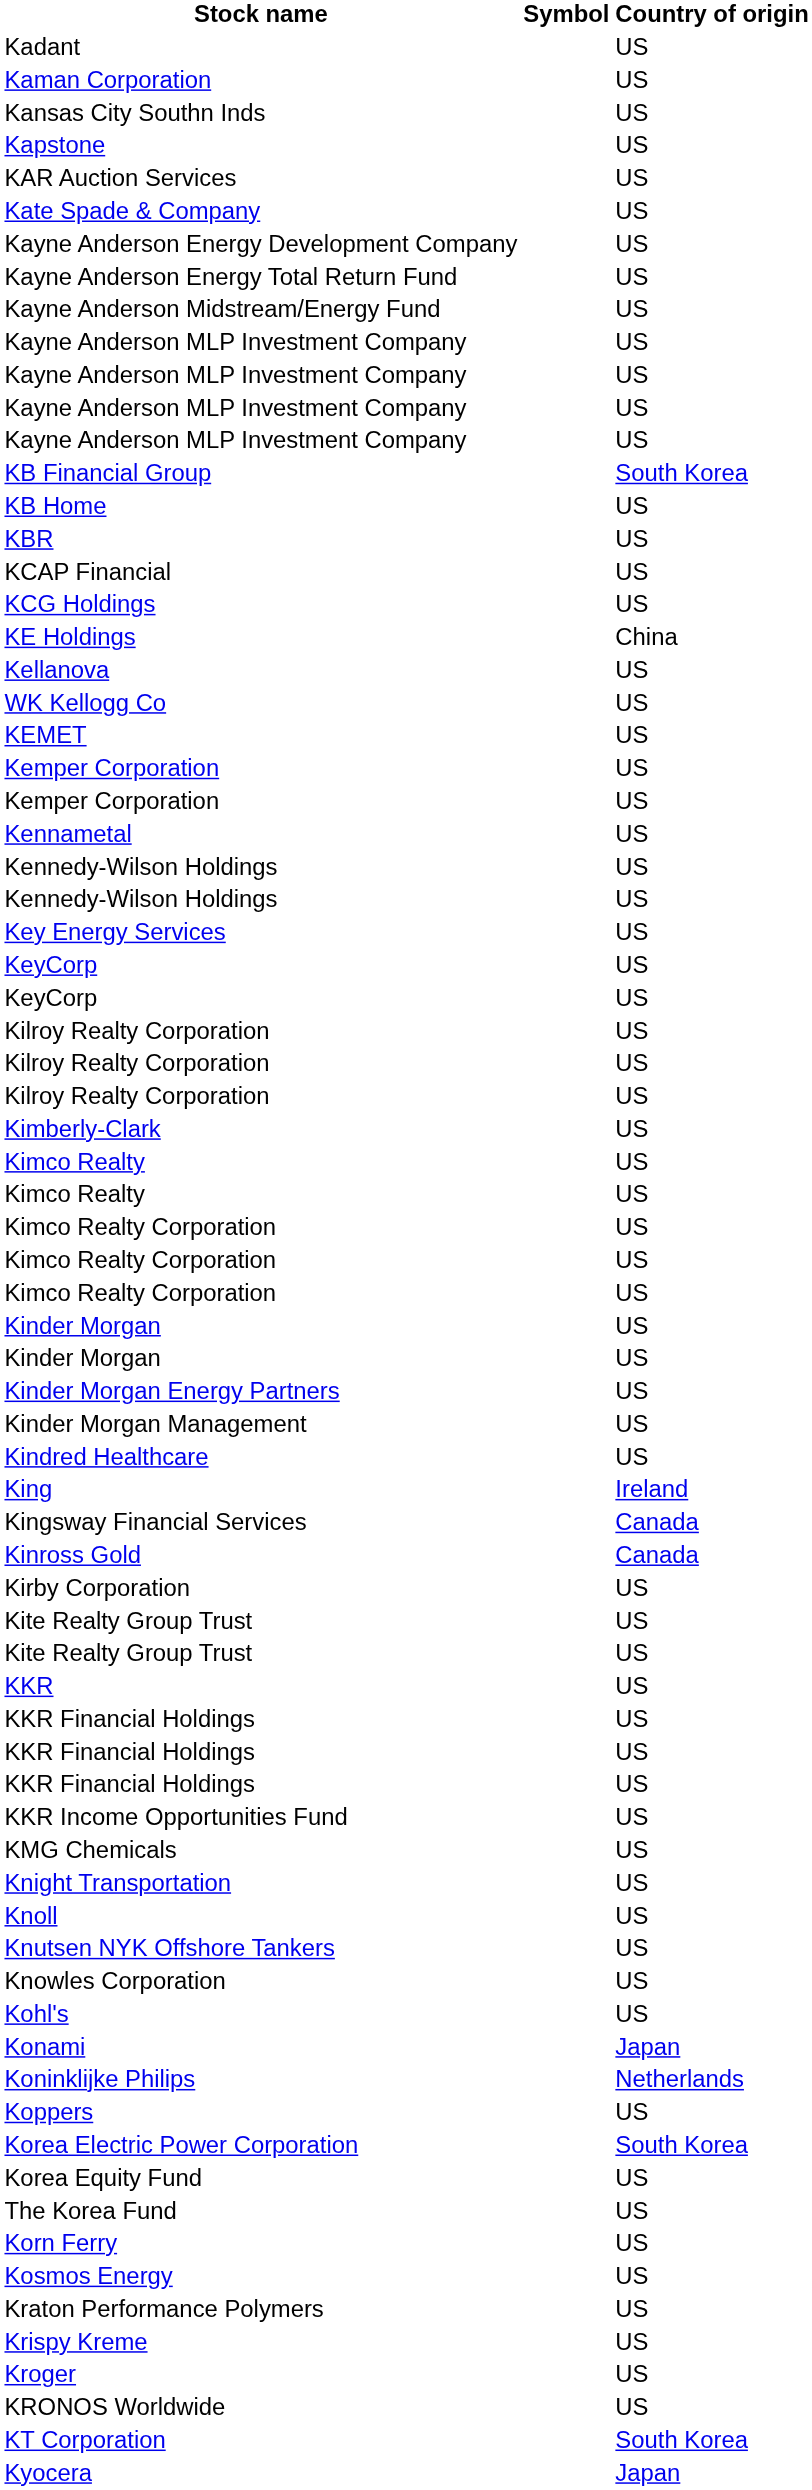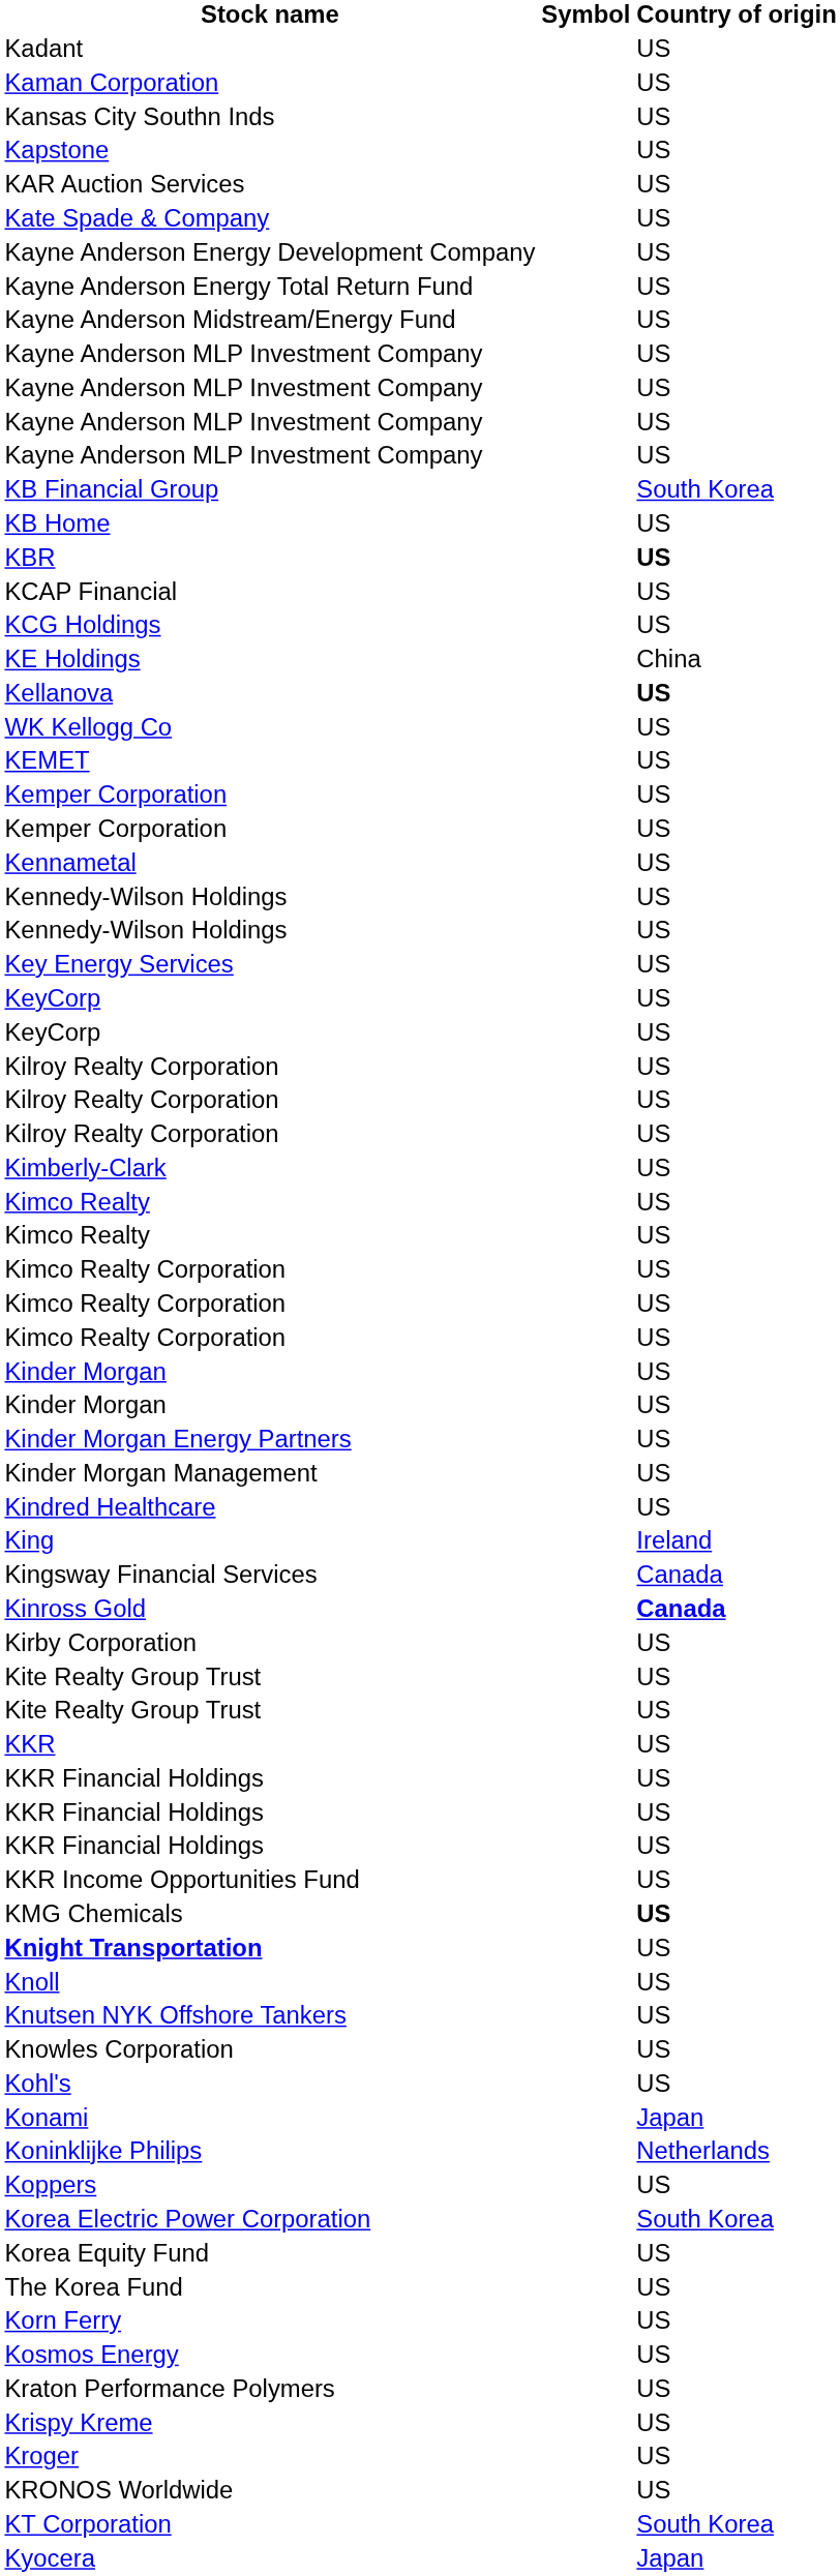 <table style="background:transparent;">
 <tr>
 <th>Stock name</th>
 <th>Symbol</th>
 <th>Country of origin</th>
 </tr>
 <tr --->
 <td>Kadant</td>
 <td></td>
 <td>US</td>
 </tr>
 <tr --->
 <td><a href='#'>Kaman Corporation</a></td>
 <td></td>
 <td>US</td>
 </tr>
 <tr --->
 <td>Kansas City Southn Inds</td>
 <td></td>
 <td>US</td>
 </tr>
 <tr --->
 <td><a href='#'>Kapstone</a></td>
 <td></td>
 <td>US</td>
 </tr>
 <tr --->
 <td>KAR Auction Services</td>
 <td></td>
 <td>US</td>
 </tr>
 <tr --->
 <td><a href='#'>Kate Spade & Company</a></td>
 <td></td>
 <td>US</td>
 </tr>
 <tr --->
 <td>Kayne Anderson Energy Development Company</td>
 <td></td>
 <td>US</td>
 </tr>
 <tr --->
 <td>Kayne Anderson Energy Total Return Fund</td>
 <td></td>
 <td>US</td>
 </tr>
 <tr --->
 <td>Kayne Anderson Midstream/Energy Fund</td>
 <td></td>
 <td>US</td>
 </tr>
 <tr --->
 <td>Kayne Anderson MLP Investment Company</td>
 <td></td>
 <td>US</td>
 </tr>
 <tr --->
 <td>Kayne Anderson MLP Investment Company</td>
 <td></td>
 <td>US</td>
 </tr>
 <tr --->
 <td>Kayne Anderson MLP Investment Company</td>
 <td></td>
 <td>US</td>
 </tr>
 <tr --->
 <td>Kayne Anderson MLP Investment Company</td>
 <td></td>
 <td>US</td>
 </tr>
 <tr --->
 <td><a href='#'>KB Financial Group</a></td>
 <td></td>
 <td><a href='#'>South Korea</a></td>
 </tr>
 <tr --->
 <td><a href='#'>KB Home</a></td>
 <td></td>
 <td>US</td>
 </tr>
 <tr --->
 <td><a href='#'>KBR</a></td>
 <td></td>
-<td>US</td>
+<td><strong>US</strong></td>
 </tr>
 <tr --->
 <td>KCAP Financial</td>
 <td></td>
 <td>US</td>
 </tr>
 <tr --->
 <td><a href='#'>KCG Holdings</a></td>
 <td></td>
 <td>US</td>
 </tr>
 <tr --->
 <td><a href='#'>KE Holdings</a></td>
 <td></td>
 <td>China</td>
 </tr>
 <tr --->
 <td><a href='#'>Kellanova</a></td>
 <td></td>
-<td>US</td>
+<td><strong>US</strong></td>
 </tr>
 <tr --->
 <td><a href='#'>WK Kellogg Co</a></td>
 <td></td>
 <td>US</td>
 </tr>
 <tr --->
 <td><a href='#'>KEMET</a></td>
 <td></td>
 <td>US</td>
 </tr>
 <tr --->
 <td><a href='#'>Kemper Corporation</a></td>
 <td></td>
 <td>US</td>
 </tr>
 <tr --->
 <td>Kemper Corporation</td>
 <td></td>
 <td>US</td>
 </tr>
 <tr --->
 <td><a href='#'>Kennametal</a></td>
 <td></td>
 <td>US</td>
 </tr>
 <tr --->
 <td>Kennedy-Wilson Holdings</td>
 <td></td>
 <td>US</td>
 </tr>
 <tr --->
 <td>Kennedy-Wilson Holdings</td>
 <td></td>
 <td>US</td>
 </tr>
 <tr --->
 <td><a href='#'>Key Energy Services</a></td>
 <td></td>
 <td>US</td>
 </tr>
 <tr --->
 <td><a href='#'>KeyCorp</a></td>
 <td></td>
 <td>US</td>
 </tr>
 <tr --->
 <td>KeyCorp</td>
 <td></td>
 <td>US</td>
 </tr>
 <tr --->
 <td>Kilroy Realty Corporation</td>
 <td></td>
 <td>US</td>
 </tr>
 <tr --->
 <td>Kilroy Realty Corporation</td>
 <td></td>
 <td>US</td>
 </tr>
 <tr --->
 <td>Kilroy Realty Corporation</td>
 <td></td>
 <td>US</td>
 </tr>
 <tr --->
 <td><a href='#'>Kimberly-Clark</a></td>
 <td></td>
 <td>US</td>
 </tr>
 <tr --->
 <td><a href='#'>Kimco Realty</a></td>
 <td></td>
 <td>US</td>
 </tr>
 <tr --->
 <td>Kimco Realty</td>
 <td></td>
 <td>US</td>
 </tr>
 <tr --->
 <td>Kimco Realty Corporation</td>
 <td></td>
 <td>US</td>
 </tr>
 <tr --->
 <td>Kimco Realty Corporation</td>
 <td></td>
 <td>US</td>
 </tr>
 <tr --->
 <td>Kimco Realty Corporation</td>
 <td></td>
 <td>US</td>
 </tr>
 <tr --->
 <td><a href='#'>Kinder Morgan</a></td>
 <td></td>
 <td>US</td>
 </tr>
 <tr --->
 <td>Kinder Morgan</td>
 <td></td>
 <td>US</td>
 </tr>
 <tr --->
 <td><a href='#'>Kinder Morgan Energy Partners</a></td>
 <td></td>
 <td>US</td>
 </tr>
 <tr --->
 <td>Kinder Morgan Management</td>
 <td></td>
 <td>US</td>
 </tr>
 <tr --->
 <td><a href='#'>Kindred Healthcare</a></td>
 <td></td>
 <td>US</td>
 </tr>
 <tr --->
 <td><a href='#'>King</a></td>
 <td></td>
 <td><a href='#'>Ireland</a></td>
 </tr>
 <tr --->
 <td>Kingsway Financial Services</td>
 <td></td>
 <td><a href='#'>Canada</a></td>
 </tr>
 <tr --->
 <td><a href='#'>Kinross Gold</a></td>
 <td></td>
-<td><a href='#'>Canada</a></td>
+<td><strong><a href='#'>Canada</a></strong></td>
 </tr>
 <tr --->
 <td>Kirby Corporation</td>
 <td></td>
 <td>US</td>
 </tr>
 <tr --->
 <td>Kite Realty Group Trust</td>
 <td></td>
 <td>US</td>
 </tr>
 <tr --->
 <td>Kite Realty Group Trust</td>
 <td></td>
 <td>US</td>
 </tr>
 <tr --->
 <td><a href='#'>KKR</a></td>
 <td></td>
 <td>US</td>
 </tr>
 <tr --->
 <td>KKR Financial Holdings</td>
 <td></td>
 <td>US</td>
 </tr>
 <tr --->
 <td>KKR Financial Holdings</td>
 <td></td>
 <td>US</td>
 </tr>
 <tr --->
 <td>KKR Financial Holdings</td>
 <td></td>
 <td>US</td>
 </tr>
 <tr --->
 <td>KKR Income Opportunities Fund</td>
 <td></td>
 <td>US</td>
 </tr>
 <tr --->
 <td>KMG Chemicals</td>
 <td></td>
-<td>US</td>
+<td><strong>US</strong></td>
 </tr>
 <tr --->
-<td><a href='#'>Knight Transportation</a></td>
+<td><strong><a href='#'>Knight Transportation</a></strong></td>
 <td></td>
 <td>US</td>
 </tr>
 <tr --->
 <td><a href='#'>Knoll</a></td>
 <td></td>
 <td>US</td>
 </tr>
 <tr --->
 <td><a href='#'>Knutsen NYK Offshore Tankers</a></td>
 <td></td>
 <td>US</td>
 </tr>
 <tr --->
 <td>Knowles Corporation</td>
 <td></td>
 <td>US</td>
 </tr>
 <tr --->
 <td><a href='#'>Kohl's</a></td>
 <td></td>
 <td>US</td>
 </tr>
 <tr --->
 <td><a href='#'>Konami</a></td>
 <td></td>
 <td><a href='#'>Japan</a></td>
 </tr>
 <tr --->
 <td><a href='#'>Koninklijke Philips</a></td>
 <td></td>
 <td><a href='#'>Netherlands</a></td>
 </tr>
 <tr --->
 <td><a href='#'>Koppers</a></td>
 <td></td>
 <td>US</td>
 </tr>
 <tr --->
 <td><a href='#'>Korea Electric Power Corporation</a></td>
 <td></td>
 <td><a href='#'>South Korea</a></td>
 </tr>
 <tr --->
 <td>Korea Equity Fund</td>
 <td></td>
 <td>US</td>
 </tr>
 <tr --->
 <td>The Korea Fund</td>
 <td></td>
 <td>US</td>
 </tr>
 <tr --->
 <td><a href='#'>Korn Ferry</a></td>
 <td></td>
 <td>US</td>
 </tr>
 <tr --->
 <td><a href='#'>Kosmos Energy</a></td>
 <td></td>
 <td>US</td>
 </tr>
 <tr --->
 <td>Kraton Performance Polymers</td>
 <td></td>
 <td>US</td>
 </tr>
 <tr --->
 <td><a href='#'>Krispy Kreme</a></td>
 <td></td>
 <td>US</td>
 </tr>
 <tr --->
 <td><a href='#'>Kroger</a></td>
 <td></td>
 <td>US</td>
 </tr>
 <tr --->
 <td>KRONOS Worldwide</td>
 <td></td>
 <td>US</td>
 </tr>
 <tr --->
 <td><a href='#'>KT Corporation</a></td>
 <td></td>
 <td><a href='#'>South Korea</a></td>
 </tr>
 <tr --->
 <td><a href='#'>Kyocera</a></td>
 <td></td>
 <td><a href='#'>Japan</a></td>
 </tr>
 <tr --->
 </tr>
 </table>
